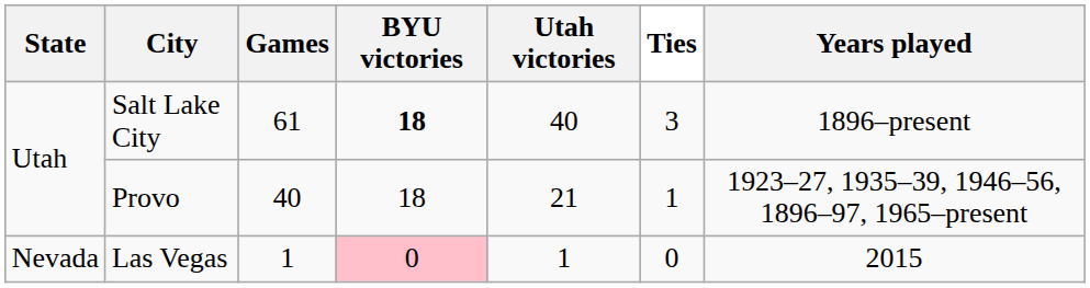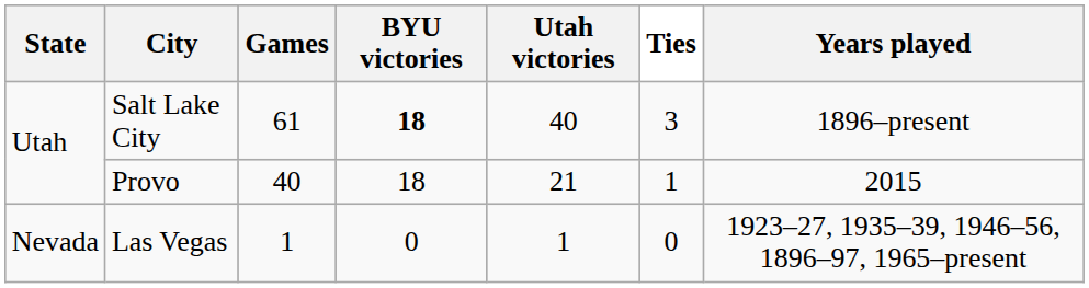 <table class="wikitable sortable">
 <tr>
 <th>State</th>
 <th>City</th>
 <th>Games</th>
 <th>BYU victories</th>
 <th>Utah victories</th>
 <th style="text-align:center; background:white; color:black;">Ties</th>
 <th>Years played</th>
 </tr>
 <tr>
 <td rowspan="2">Utah</td>
 <td>Salt Lake City</td>
 <td style="text-align:center;">61</td>
 <td style="text-align:center;"><strong>18</strong></td>
 <td style="text-align:center;">40</td>
 <td style="text-align:center;">3</td>
 <td style="text-align:center;">1896–present</td>
 </tr>
 <tr>
 <td>Provo</td>
 <td style="text-align:center;">40</td>
 <td style="text-align:center;">18</td>
 <td style="text-align:center;">21</td>
 <td style="text-align:center;">1</td>
-<td style="text-align:center;">1923–27, 1935–39, 1946–56, 1896–97, 1965–present</td>
+<td style="text-align:center;">2015</td>
 </tr>
 <tr>
 <td>Nevada</td>
 <td>Las Vegas</td>
 <td style="text-align:center;">1</td>
-<td style="background: pink; text-align:center;">0</td>
+<td style="text-align:center;">0</td>
 <td style="text-align:center;">1</td>
 <td style="text-align:center;">0</td>
-<td style="text-align:center;">2015</td>
+<td style="text-align:center;">1923–27, 1935–39, 1946–56, 1896–97, 1965–present</td>
 </tr>
 </table>
